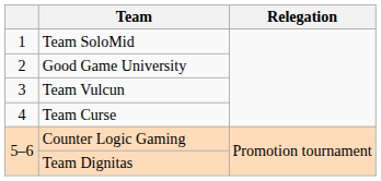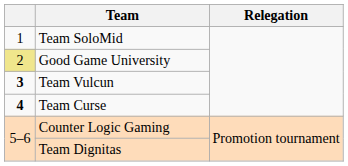 <table class="wikitable" style="text-align:center">
 <tr>
 <th width=28></th>
 <th width=190>Team</th>
 <th>Relegation</th>
 </tr>
 <tr>
 <td>1</td>
 <td style="text-align:left">Team SoloMid</td>
 <td rowspan="4"></td>
 </tr>
 <tr>
-<td>2</td>
+<td style="background: khaki;">2</td>
 <td style="text-align:left">Good Game University</td>
 </tr>
 <tr>
-<td>3</td>
+<td><strong>3</strong></td>
 <td style="text-align:left">Team Vulcun</td>
 </tr>
 <tr>
-<td>4</td>
+<td><strong>4</strong></td>
 <td style="text-align:left">Team Curse</td>
 </tr>
 <tr style="background-color:#FEDCBA;">
 <td rowspan="2">5–6</td>
 <td style="text-align:left">Counter Logic Gaming</td>
 <td rowspan="2">Promotion tournament</td>
 </tr>
 <tr style="background-color:#FEDCBA;">
 <td style="text-align:left">Team Dignitas</td>
 </tr>
 </table>
